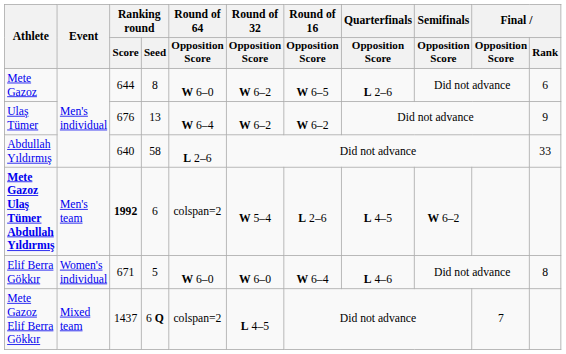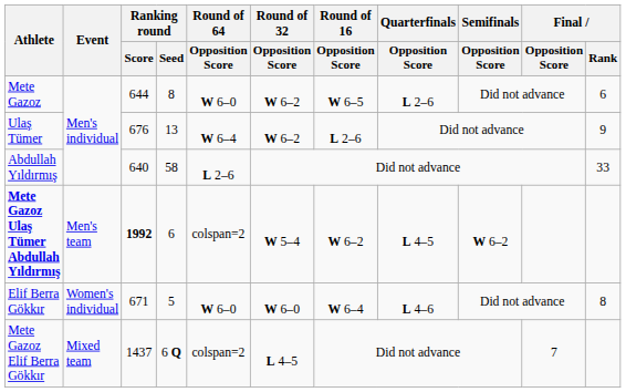 <table class="wikitable" style="font-size:90%; text-align:center">
 <tr>
 <th rowspan=2>Athlete</th>
 <th rowspan=2>Event</th>
 <th colspan="2">Ranking round</th>
 <th>Round of 64</th>
 <th>Round of 32</th>
 <th>Round of 16</th>
 <th>Quarterfinals</th>
 <th>Semifinals</th>
 <th colspan="2">Final / </th>
 </tr>
 <tr style="font-size:95%">
 <th>Score</th>
 <th>Seed</th>
 <th>Opposition<br>Score</th>
 <th>Opposition<br>Score</th>
 <th>Opposition<br>Score</th>
 <th>Opposition<br>Score</th>
 <th>Opposition<br>Score</th>
 <th>Opposition<br>Score</th>
 <th>Rank</th>
 </tr>
 <tr align=center>
 <td align=left><a href='#'>Mete Gazoz</a></td>
 <td align=left rowspan=3><a href='#'>Men's individual</a></td>
 <td>644</td>
 <td>8</td>
 <td><br><strong>W</strong> 6–0</td>
 <td><br><strong>W</strong> 6–2</td>
 <td><br><strong>W</strong> 6–5</td>
 <td><br><strong>L</strong> 2–6</td>
 <td colspan=2>Did not advance</td>
 <td>6</td>
 </tr>
 <tr align=center>
 <td align=left><a href='#'>Ulaş Tümer</a></td>
 <td>676</td>
 <td>13</td>
 <td><br><strong>W</strong> 6–4</td>
 <td><br><strong>W</strong> 6–2</td>
-<td><br><strong>W</strong> 6–2</td>
+<td><br><strong>L</strong> 2–6</td>
 <td colspan=3>Did not advance</td>
 <td>9</td>
 </tr>
 <tr align=center>
 <td align=left><a href='#'>Abdullah Yıldırmış</a></td>
 <td>640</td>
 <td>58</td>
 <td><br><strong>L</strong> 2–6</td>
 <td colspan=5>Did not advance</td>
 <td>33</td>
 </tr>
 <tr align=center>
 <td align=left><strong><a href='#'>Mete Gazoz</a><br><a href='#'>Ulaş Tümer</a><br><a href='#'>Abdullah Yıldırmış</a></strong></td>
 <td align=left><a href='#'>Men's team</a></td>
 <td><strong>1992</strong></td>
 <td>6</td>
 <td>colspan=2 </td>
 <td><br><strong>W</strong> 5–4</td>
-<td><br><strong>L</strong> 2–6</td>
+<td><br><strong>W</strong> 6–2</td>
 <td><br><strong>L</strong> 4–5</td>
 <td><br><strong>W</strong> 6–2</td>
 <td></td>
 </tr>
 <tr align=center>
 <td align=left><a href='#'>Elif Berra Gökkır</a></td>
 <td align=left><a href='#'>Women's individual</a></td>
 <td>671</td>
 <td>5</td>
 <td><br><strong>W</strong> 6–0</td>
 <td><br><strong>W</strong> 6–0</td>
 <td><br><strong>W</strong> 6–4</td>
 <td><br><strong>L</strong> 4–6</td>
 <td colspan=2>Did not advance</td>
 <td>8</td>
 </tr>
 <tr align=center>
 <td align=left><a href='#'>Mete Gazoz</a><br><a href='#'>Elif Berra Gökkır</a></td>
 <td align=left><a href='#'>Mixed team</a></td>
 <td>1437</td>
 <td>6 <strong>Q</strong></td>
 <td>colspan=2 </td>
 <td><br><strong>L</strong> 4–5</td>
 <td colspan=3>Did not advance</td>
 <td>7</td>
 </tr>
 </table>
